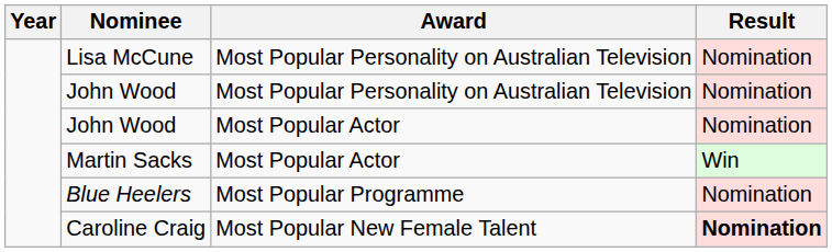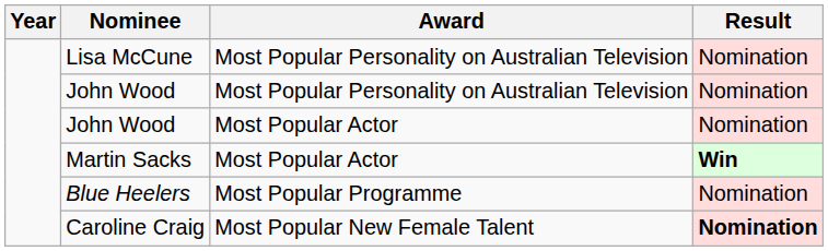 <table class="wikitable">
 <tr>
 <th>Year</th>
 <th>Nominee</th>
 <th>Award</th>
 <th>Result</th>
 </tr>
 <tr>
 <td rowspan="6"></td>
 <td>Lisa McCune</td>
 <td>Most Popular Personality on Australian Television</td>
 <td style="background: #ffdddd">Nomination</td>
 </tr>
 <tr>
 <td>John Wood</td>
 <td>Most Popular Personality on Australian Television</td>
 <td style="background: #ffdddd">Nomination</td>
 </tr>
 <tr>
 <td>John Wood</td>
 <td>Most Popular Actor</td>
 <td style="background: #ffdddd">Nomination</td>
 </tr>
 <tr>
 <td>Martin Sacks</td>
 <td>Most Popular Actor</td>
-<td style="background: #ddffdd">Win</td>
+<td style="background: #ddffdd"><strong>Win</strong></td>
 </tr>
 <tr>
 <td><em>Blue Heelers</em></td>
 <td>Most Popular Programme</td>
 <td style="background: #ffdddd">Nomination</td>
 </tr>
 <tr>
 <td>Caroline Craig</td>
 <td>Most Popular New Female Talent</td>
 <td style="background: #ffdddd"><strong>Nomination</strong></td>
 </tr>
 </table>
